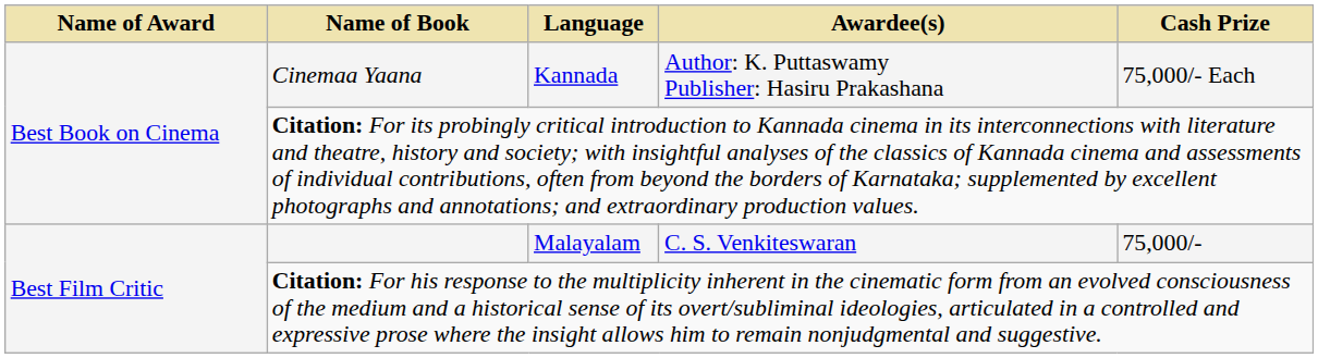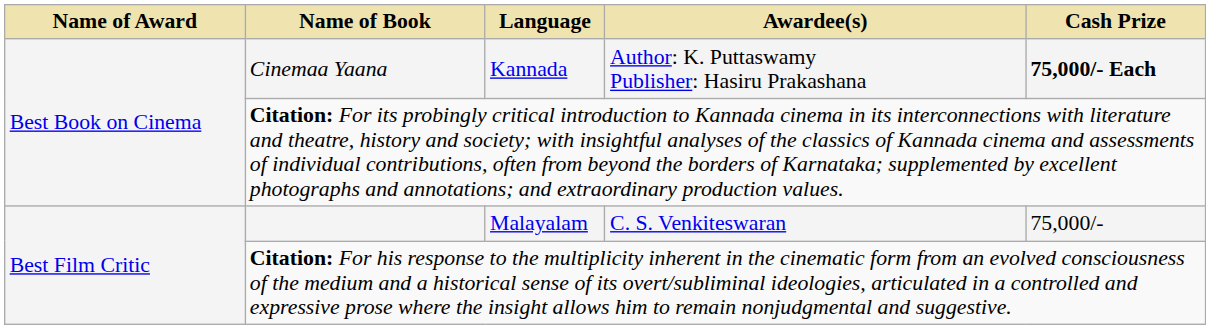 <table class="wikitable" style="width:100%;">
 <tr style="background-color:#F4F4F4">
 <th style="background-color:#EFE4B0;width:20%;">Name of Award</th>
 <th style="background-color:#EFE4B0;width:20%;">Name of Book</th>
 <th style="background-color:#EFE4B0;width:10%;">Language</th>
 <th style="background-color:#EFE4B0;width:35%;">Awardee(s)</th>
 <th style="background-color:#EFE4B0;width:15%;">Cash Prize</th>
 </tr>
 <tr style="background-color:#F4F4F4">
 <td rowspan="2"><a href='#'>Best Book on Cinema</a></td>
 <td><em>Cinemaa Yaana</em></td>
 <td><a href='#'>Kannada</a></td>
 <td><a href='#'>Author</a>: K. Puttaswamy<br><a href='#'>Publisher</a>: Hasiru Prakashana</td>
-<td> 75,000/- Each</td>
+<td><strong> 75,000/- Each</strong></td>
 </tr>
 <tr style="background-color:#F9F9F9">
 <td colspan="4"><strong>Citation:</strong> <em>For its probingly critical introduction to Kannada cinema in its interconnections with literature and theatre, history and society; with insightful analyses of the classics of Kannada cinema and assessments of individual contributions, often from beyond the borders of Karnataka; supplemented by excellent photographs and annotations; and extraordinary production values.</em></td>
 </tr>
 <tr style="background-color:#F4F4F4">
 <td rowspan="2"><a href='#'>Best Film Critic</a></td>
 <td></td>
 <td><a href='#'>Malayalam</a></td>
 <td><a href='#'>C. S. Venkiteswaran</a></td>
 <td> 75,000/-</td>
 </tr>
 <tr style="background-color:#F9F9F9">
 <td colspan="4"><strong>Citation:</strong> <em>For his response to the multiplicity inherent in the cinematic form from an evolved consciousness of the medium and a historical sense of its overt/subliminal ideologies, articulated in a controlled and expressive prose where the insight allows him to remain nonjudgmental and suggestive.</em></td>
 </tr>
 </table>
